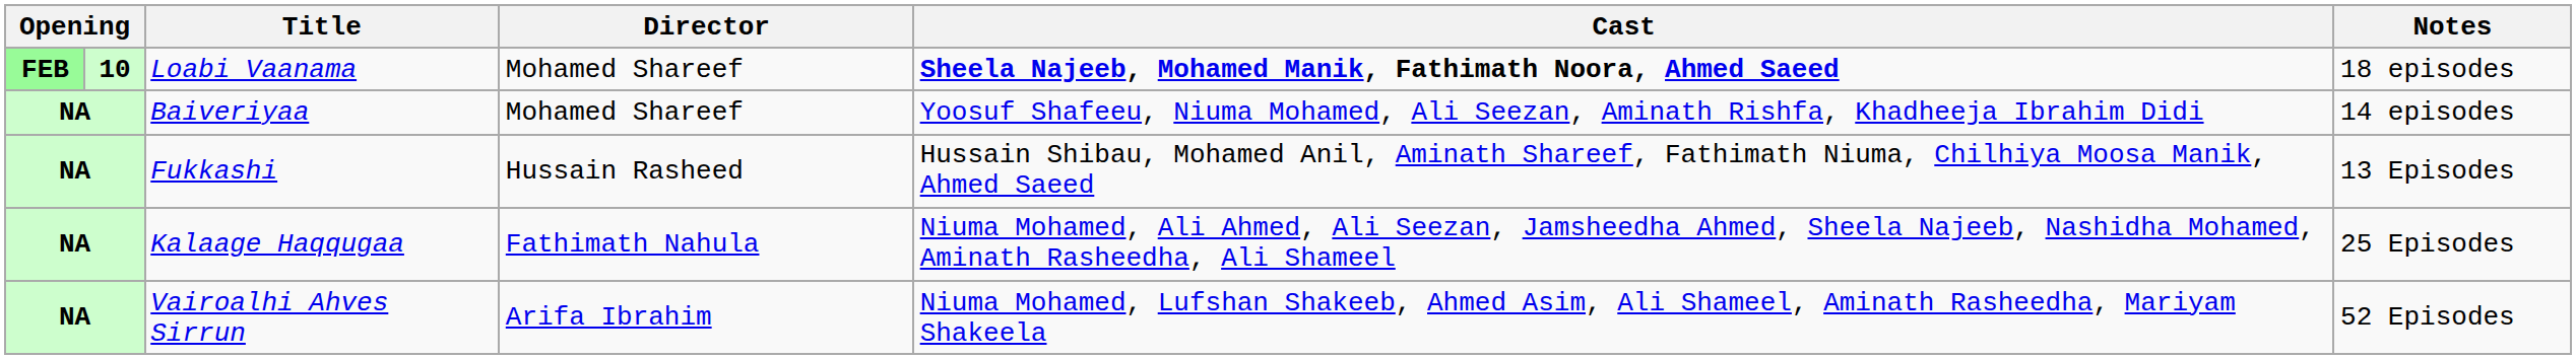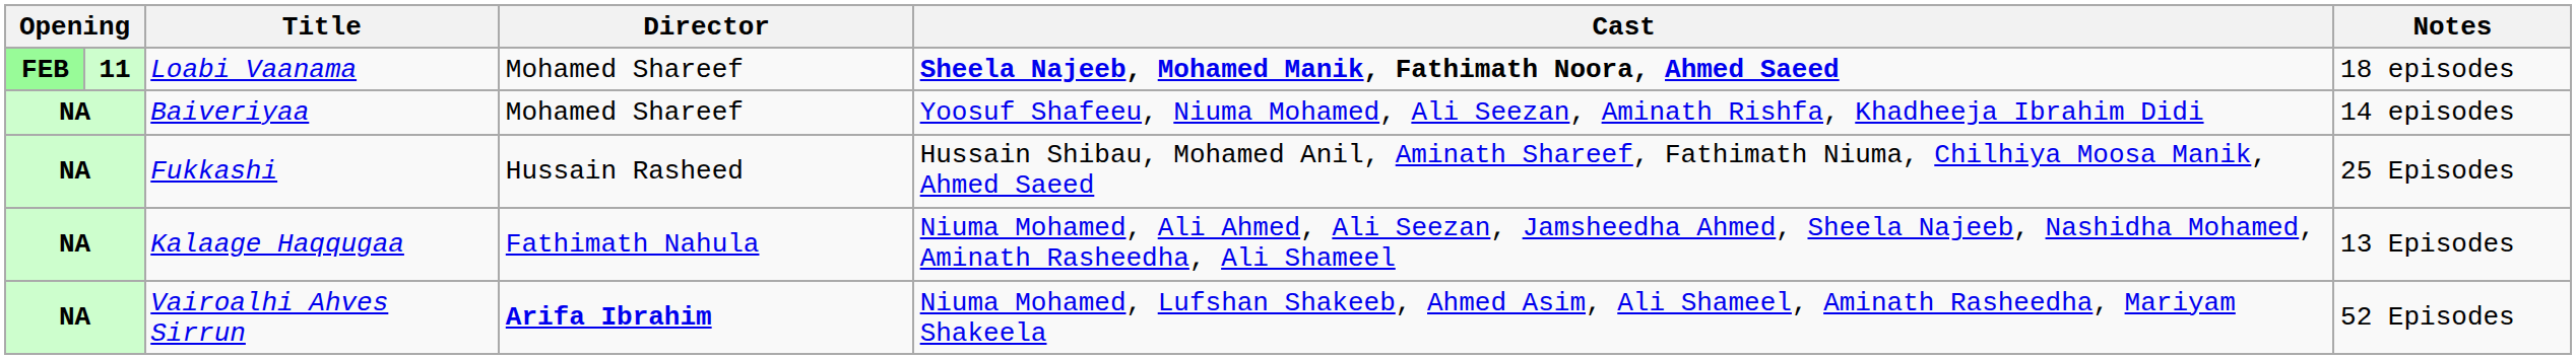 <table class="wikitable plainrowheaders" width="100%">
 <tr>
 <th scope="col" colspan="2" width=4%>Opening</th>
 <th scope="col" width=12%>Title</th>
 <th scope="col" width=14%>Director</th>
 <th scope="col" width=48%>Cast</th>
 <th scope="col" width=8%>Notes</th>
 </tr>
 <tr>
 <td style="text-align:center; background:#98fb98; textcolor:#000;"><strong>FEB</strong></td>
-<td style="text-align:center; textcolor:#000; background:#cdfecd;"><strong>10</strong></td>
+<td style="text-align:center; textcolor:#000; background:#cdfecd;"><strong>11</strong></td>
 <td><em><a href='#'>Loabi Vaanama</a></em></td>
 <td>Mohamed Shareef</td>
 <td><strong><a href='#'>Sheela Najeeb</a>, <a href='#'>Mohamed Manik</a>, Fathimath Noora, <a href='#'>Ahmed Saeed</a></strong></td>
 <td>18 episodes</td>
 </tr>
 <tr>
 <td style="text-align:center; textcolor:#000; background:#cdfecd;" colspan="2"><strong>NA</strong></td>
 <td><em><a href='#'>Baiveriyaa</a></em></td>
 <td>Mohamed Shareef</td>
 <td><a href='#'>Yoosuf Shafeeu</a>, <a href='#'>Niuma Mohamed</a>, <a href='#'>Ali Seezan</a>, <a href='#'>Aminath Rishfa</a>, <a href='#'>Khadheeja Ibrahim Didi</a></td>
 <td>14 episodes</td>
 </tr>
 <tr>
 <td style="text-align:center; textcolor:#000; background:#cdfecd;" colspan="2"><strong>NA</strong></td>
 <td><em><a href='#'>Fukkashi</a></em></td>
 <td>Hussain Rasheed</td>
 <td>Hussain Shibau, Mohamed Anil, <a href='#'>Aminath Shareef</a>, Fathimath Niuma, <a href='#'>Chilhiya Moosa Manik</a>, <a href='#'>Ahmed Saeed</a></td>
-<td>13 Episodes</td>
+<td>25 Episodes</td>
 </tr>
 <tr>
 <td style="text-align:center; textcolor:#000; background:#cdfecd;" colspan="2"><strong>NA</strong></td>
 <td><em><a href='#'>Kalaage Haqqugaa</a></em></td>
 <td><a href='#'>Fathimath Nahula</a></td>
 <td><a href='#'>Niuma Mohamed</a>, <a href='#'>Ali Ahmed</a>, <a href='#'>Ali Seezan</a>, <a href='#'>Jamsheedha Ahmed</a>, <a href='#'>Sheela Najeeb</a>, <a href='#'>Nashidha Mohamed</a>, <a href='#'>Aminath Rasheedha</a>, <a href='#'>Ali Shameel</a></td>
-<td>25 Episodes</td>
+<td>13 Episodes</td>
 </tr>
 <tr>
 <td style="text-align:center; textcolor:#000; background:#cdfecd;" colspan="2"><strong>NA</strong></td>
 <td><em><a href='#'>Vairoalhi Ahves Sirrun</a></em></td>
-<td><a href='#'>Arifa Ibrahim</a></td>
+<td><strong><a href='#'>Arifa Ibrahim</a></strong></td>
 <td><a href='#'>Niuma Mohamed</a>, <a href='#'>Lufshan Shakeeb</a>, <a href='#'>Ahmed Asim</a>, <a href='#'>Ali Shameel</a>, <a href='#'>Aminath Rasheedha</a>, <a href='#'>Mariyam Shakeela</a></td>
 <td>52 Episodes</td>
 </tr>
 <tr>
 </tr>
 </table>
